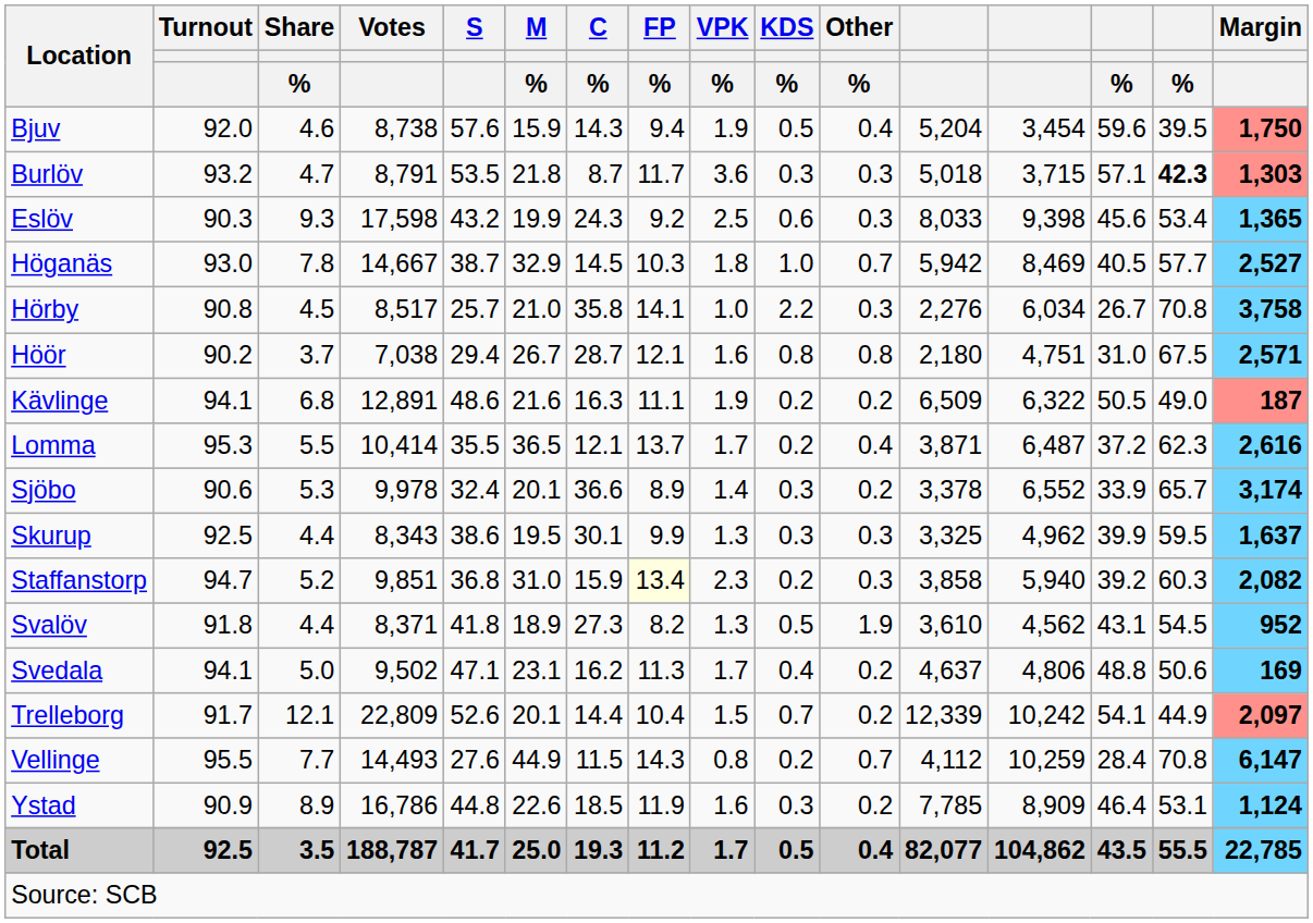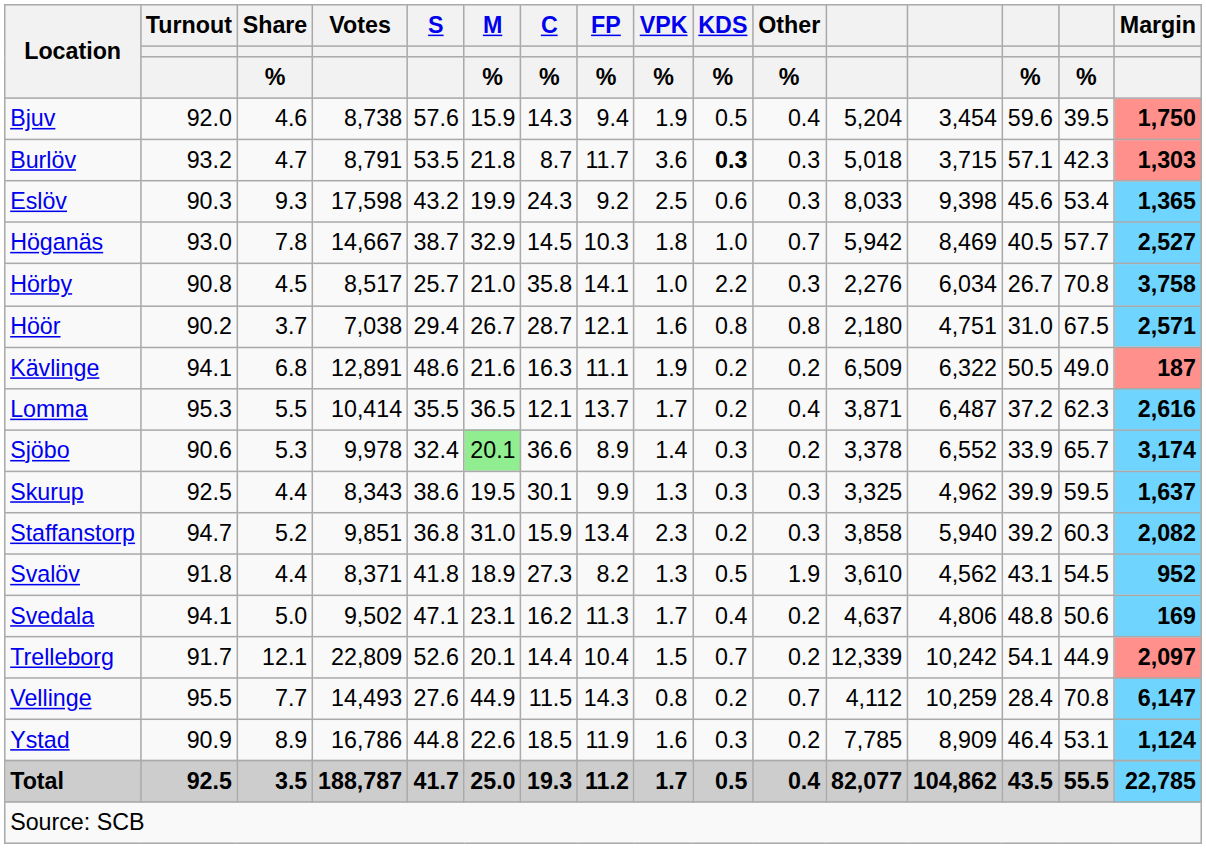 <table class="wikitable sortable" style="text-align:right; font-size:95%; line-height:20px;">
 <tr>
 <th rowspan="3">Location</th>
 <th>Turnout</th>
 <th>Share</th>
 <th>Votes</th>
 <th width="30px" class="unsortable"><a href='#'>S</a></th>
 <th width="30px" class="unsortable"><a href='#'>M</a></th>
 <th width="30px" class="unsortable"><a href='#'>C</a></th>
 <th width="30px" class="unsortable"><a href='#'>FP</a></th>
 <th width="30px" class="unsortable"><a href='#'>VPK</a></th>
 <th width="30px" class="unsortable"><a href='#'>KDS</a></th>
 <th width="30px" class="unsortable">Other</th>
 <th></th>
 <th></th>
 <th></th>
 <th></th>
 <th>Margin</th>
 </tr>
 <tr>
 <th></th>
 <th></th>
 <th></th>
 <th style="background:"></th>
 <th style="background:"></th>
 <th style="background:"></th>
 <th style="background:"></th>
 <th style="background:"></th>
 <th style="background:"></th>
 <th style="background:"></th>
 <th style="background:"></th>
 <th style="background:"></th>
 <th style="background:"></th>
 <th style="background:"></th>
 <th></th>
 </tr>
 <tr>
 <th></th>
 <th data-sort-type="number">%</th>
 <th data-sort-type="number"></th>
 <th></th>
 <th data-sort-type="number">%</th>
 <th data-sort-type="number">%</th>
 <th data-sort-type="number">%</th>
 <th data-sort-type="number">%</th>
 <th data-sort-type="number">%</th>
 <th data-sort-type="number">%</th>
 <th data-sort-type="number"></th>
 <th data-sort-type="number"></th>
 <th data-sort-type="number">%</th>
 <th data-sort-type="number">%</th>
 <th data-sort-type="number"></th>
 </tr>
 <tr>
 <td align=left><a href='#'>Bjuv</a></td>
 <td>92.0</td>
 <td>4.6</td>
 <td>8,738</td>
 <td>57.6</td>
 <td>15.9</td>
 <td>14.3</td>
 <td>9.4</td>
 <td>1.9</td>
 <td>0.5</td>
 <td>0.4</td>
 <td>5,204</td>
 <td>3,454</td>
 <td>59.6</td>
 <td>39.5</td>
 <td bgcolor=#ff908c><strong>1,750</strong></td>
 </tr>
 <tr>
 <td align=left><a href='#'>Burlöv</a></td>
 <td>93.2</td>
 <td>4.7</td>
 <td>8,791</td>
 <td>53.5</td>
 <td>21.8</td>
 <td>8.7</td>
 <td>11.7</td>
 <td>3.6</td>
-<td>0.3</td>
+<td><strong>0.3</strong></td>
 <td>0.3</td>
 <td>5,018</td>
 <td>3,715</td>
 <td>57.1</td>
-<td><strong>42.3</strong></td>
+<td>42.3</td>
 <td bgcolor=#ff908c><strong>1,303</strong></td>
 </tr>
 <tr>
 <td align=left><a href='#'>Eslöv</a></td>
 <td>90.3</td>
 <td>9.3</td>
 <td>17,598</td>
 <td>43.2</td>
 <td>19.9</td>
 <td>24.3</td>
 <td>9.2</td>
 <td>2.5</td>
 <td>0.6</td>
 <td>0.3</td>
 <td>8,033</td>
 <td>9,398</td>
 <td>45.6</td>
 <td>53.4</td>
 <td bgcolor=#6fd5fe><strong>1,365</strong></td>
 </tr>
 <tr>
 <td align=left><a href='#'>Höganäs</a></td>
 <td>93.0</td>
 <td>7.8</td>
 <td>14,667</td>
 <td>38.7</td>
 <td>32.9</td>
 <td>14.5</td>
 <td>10.3</td>
 <td>1.8</td>
 <td>1.0</td>
 <td>0.7</td>
 <td>5,942</td>
 <td>8,469</td>
 <td>40.5</td>
 <td>57.7</td>
 <td bgcolor=#6fd5fe><strong>2,527</strong></td>
 </tr>
 <tr>
 <td align=left><a href='#'>Hörby</a></td>
 <td>90.8</td>
 <td>4.5</td>
 <td>8,517</td>
 <td>25.7</td>
 <td>21.0</td>
 <td>35.8</td>
 <td>14.1</td>
 <td>1.0</td>
 <td>2.2</td>
 <td>0.3</td>
 <td>2,276</td>
 <td>6,034</td>
 <td>26.7</td>
 <td>70.8</td>
 <td bgcolor=#6fd5fe><strong>3,758</strong></td>
 </tr>
 <tr>
 <td align=left><a href='#'>Höör</a></td>
 <td>90.2</td>
 <td>3.7</td>
 <td>7,038</td>
 <td>29.4</td>
 <td>26.7</td>
 <td>28.7</td>
 <td>12.1</td>
 <td>1.6</td>
 <td>0.8</td>
 <td>0.8</td>
 <td>2,180</td>
 <td>4,751</td>
 <td>31.0</td>
 <td>67.5</td>
 <td bgcolor=#6fd5fe><strong>2,571</strong></td>
 </tr>
 <tr>
 <td align=left><a href='#'>Kävlinge</a></td>
 <td>94.1</td>
 <td>6.8</td>
 <td>12,891</td>
 <td>48.6</td>
 <td>21.6</td>
 <td>16.3</td>
 <td>11.1</td>
 <td>1.9</td>
 <td>0.2</td>
 <td>0.2</td>
 <td>6,509</td>
 <td>6,322</td>
 <td>50.5</td>
 <td>49.0</td>
 <td bgcolor=#ff908c><strong>187</strong></td>
 </tr>
 <tr>
 <td align=left><a href='#'>Lomma</a></td>
 <td>95.3</td>
 <td>5.5</td>
 <td>10,414</td>
 <td>35.5</td>
 <td>36.5</td>
 <td>12.1</td>
 <td>13.7</td>
 <td>1.7</td>
 <td>0.2</td>
 <td>0.4</td>
 <td>3,871</td>
 <td>6,487</td>
 <td>37.2</td>
 <td>62.3</td>
 <td bgcolor=#6fd5fe><strong>2,616</strong></td>
 </tr>
 <tr>
 <td align=left><a href='#'>Sjöbo</a></td>
 <td>90.6</td>
 <td>5.3</td>
 <td>9,978</td>
 <td>32.4</td>
-<td>20.1</td>
+<td style="background: lightgreen;">20.1</td>
 <td>36.6</td>
 <td>8.9</td>
 <td>1.4</td>
 <td>0.3</td>
 <td>0.2</td>
 <td>3,378</td>
 <td>6,552</td>
 <td>33.9</td>
 <td>65.7</td>
 <td bgcolor=#6fd5fe><strong>3,174</strong></td>
 </tr>
 <tr>
 <td align=left><a href='#'>Skurup</a></td>
 <td>92.5</td>
 <td>4.4</td>
 <td>8,343</td>
 <td>38.6</td>
 <td>19.5</td>
 <td>30.1</td>
 <td>9.9</td>
 <td>1.3</td>
 <td>0.3</td>
 <td>0.3</td>
 <td>3,325</td>
 <td>4,962</td>
 <td>39.9</td>
 <td>59.5</td>
 <td bgcolor=#6fd5fe><strong>1,637</strong></td>
 </tr>
 <tr>
 <td align=left><a href='#'>Staffanstorp</a></td>
 <td>94.7</td>
 <td>5.2</td>
 <td>9,851</td>
 <td>36.8</td>
 <td>31.0</td>
 <td>15.9</td>
-<td style="background: lightyellow;">13.4</td>
+<td>13.4</td>
 <td>2.3</td>
 <td>0.2</td>
 <td>0.3</td>
 <td>3,858</td>
 <td>5,940</td>
 <td>39.2</td>
 <td>60.3</td>
 <td bgcolor=#6fd5fe><strong>2,082</strong></td>
 </tr>
 <tr>
 <td align=left><a href='#'>Svalöv</a></td>
 <td>91.8</td>
 <td>4.4</td>
 <td>8,371</td>
 <td>41.8</td>
 <td>18.9</td>
 <td>27.3</td>
 <td>8.2</td>
 <td>1.3</td>
 <td>0.5</td>
 <td>1.9</td>
 <td>3,610</td>
 <td>4,562</td>
 <td>43.1</td>
 <td>54.5</td>
 <td bgcolor=#6fd5fe><strong>952</strong></td>
 </tr>
 <tr>
 <td align=left><a href='#'>Svedala</a></td>
 <td>94.1</td>
 <td>5.0</td>
 <td>9,502</td>
 <td>47.1</td>
 <td>23.1</td>
 <td>16.2</td>
 <td>11.3</td>
 <td>1.7</td>
 <td>0.4</td>
 <td>0.2</td>
 <td>4,637</td>
 <td>4,806</td>
 <td>48.8</td>
 <td>50.6</td>
 <td bgcolor=#6fd5fe><strong>169</strong></td>
 </tr>
 <tr>
 <td align=left><a href='#'>Trelleborg</a></td>
 <td>91.7</td>
 <td>12.1</td>
 <td>22,809</td>
 <td>52.6</td>
 <td>20.1</td>
 <td>14.4</td>
 <td>10.4</td>
 <td>1.5</td>
 <td>0.7</td>
 <td>0.2</td>
 <td>12,339</td>
 <td>10,242</td>
 <td>54.1</td>
 <td>44.9</td>
 <td bgcolor=#ff908c><strong>2,097</strong></td>
 </tr>
 <tr>
 <td align=left><a href='#'>Vellinge</a></td>
 <td>95.5</td>
 <td>7.7</td>
 <td>14,493</td>
 <td>27.6</td>
 <td>44.9</td>
 <td>11.5</td>
 <td>14.3</td>
 <td>0.8</td>
 <td>0.2</td>
 <td>0.7</td>
 <td>4,112</td>
 <td>10,259</td>
 <td>28.4</td>
 <td>70.8</td>
 <td bgcolor=#6fd5fe><strong>6,147</strong></td>
 </tr>
 <tr>
 <td align=left><a href='#'>Ystad</a></td>
 <td>90.9</td>
 <td>8.9</td>
 <td>16,786</td>
 <td>44.8</td>
 <td>22.6</td>
 <td>18.5</td>
 <td>11.9</td>
 <td>1.6</td>
 <td>0.3</td>
 <td>0.2</td>
 <td>7,785</td>
 <td>8,909</td>
 <td>46.4</td>
 <td>53.1</td>
 <td bgcolor=#6fd5fe><strong>1,124</strong></td>
 </tr>
 <tr>
 </tr>
 <tr style="background:#CDCDCD;">
 <td align=left><strong>Total</strong></td>
 <td><strong>92.5</strong></td>
 <td><strong>3.5</strong></td>
 <td><strong>188,787</strong></td>
 <td><strong>41.7</strong></td>
 <td><strong>25.0</strong></td>
 <td><strong>19.3</strong></td>
 <td><strong>11.2</strong></td>
 <td><strong>1.7</strong></td>
 <td><strong>0.5</strong></td>
 <td><strong>0.4</strong></td>
 <td><strong>82,077</strong></td>
 <td><strong>104,862</strong></td>
 <td><strong>43.5</strong></td>
 <td><strong>55.5</strong></td>
 <td bgcolor=#6fd5fe><strong>22,785</strong></td>
 </tr>
 <tr>
 <td align=left colspan=16>Source: SCB </td>
 </tr>
 </table>
